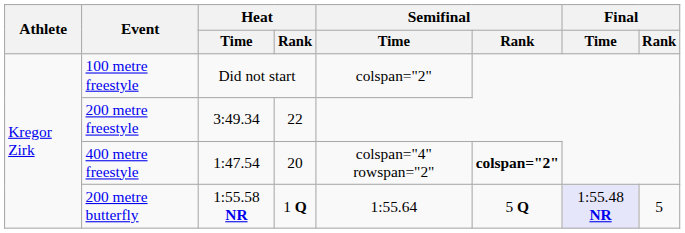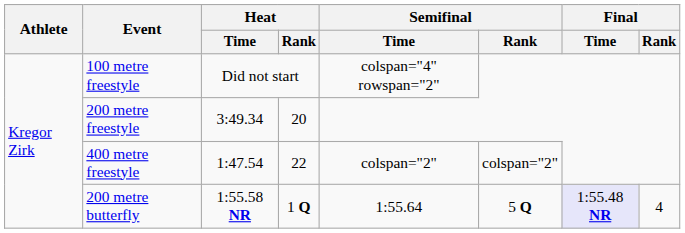 <table class="wikitable" style="text-align:center; font-size:90%; width:50%;">
 <tr>
 <th rowspan="2">Athlete</th>
 <th rowspan="2">Event</th>
 <th colspan="2">Heat</th>
 <th colspan="2">Semifinal</th>
 <th colspan="2">Final</th>
 </tr>
 <tr style="font-size:95%">
 <th>Time</th>
 <th>Rank</th>
 <th>Time</th>
 <th>Rank</th>
 <th>Time</th>
 <th>Rank</th>
 </tr>
 <tr align=center>
 <td align=left rowspan="4"><a href='#'>Kregor Zirk</a></td>
 <td align=left><a href='#'>100 metre freestyle</a></td>
 <td colspan="2">Did not start</td>
-<td>colspan="2" </td>
+<td>colspan="4" rowspan="2" </td>
 </tr>
 <tr align=center>
 <td align=left><a href='#'>200 metre freestyle</a></td>
 <td>3:49.34</td>
-<td>22</td>
+<td>20</td>
 </tr>
 <tr align=center>
 <td align=left><a href='#'>400 metre freestyle</a></td>
 <td>1:47.54</td>
-<td>20</td>
-<td>colspan="4" rowspan="2" </td>
-<td><strong>colspan="2" </strong></td>
+<td>22</td>
+<td>colspan="2" </td>
+<td>colspan="2" </td>
 </tr>
 <tr align=center>
 <td align=left><a href='#'>200 metre butterfly</a></td>
 <td>1:55.58 <strong><a href='#'>NR</a></strong></td>
 <td>1 <strong>Q</strong></td>
 <td>1:55.64</td>
 <td>5 <strong>Q</strong></td>
 <td style="background: lavender;">1:55.48 <strong><a href='#'>NR</a></strong></td>
-<td>5</td>
+<td>4</td>
 </tr>
 </table>
